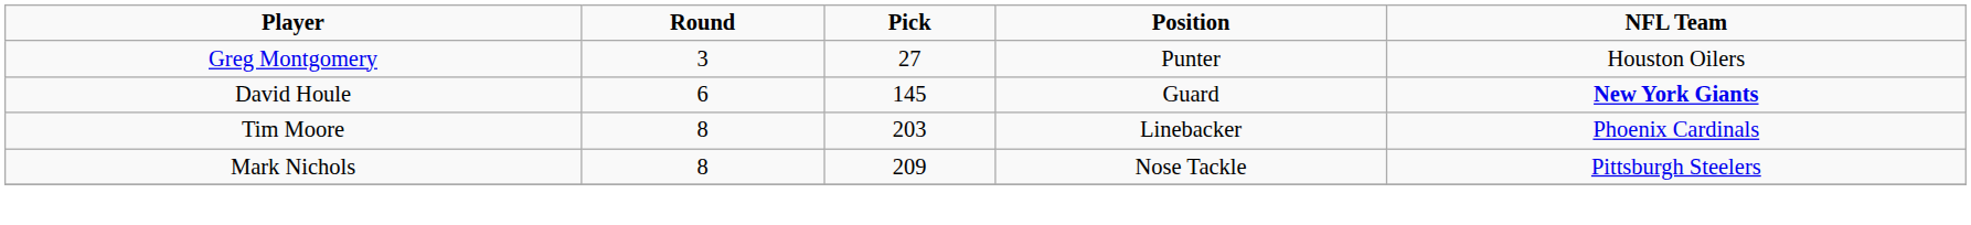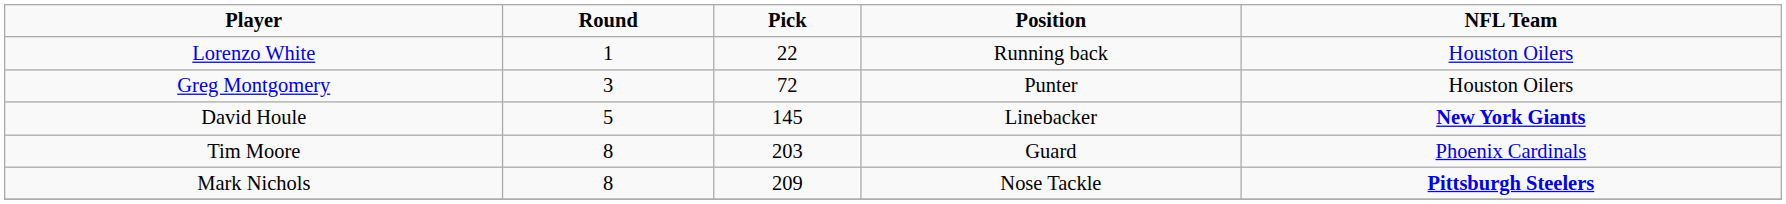 <table class="wikitable" width="70%">
 <tr align="center">
 <td><strong>Player</strong></td>
 <td><strong>Round</strong></td>
 <td><strong>Pick</strong></td>
 <td><strong>Position</strong></td>
 <td><strong>NFL Team</strong></td>
 </tr>
 <tr align="center" bgcolor="">
+<td><a href='#'>Lorenzo White</a></td>
+<td>1</td>
+<td>22</td>
+<td>Running back</td>
+<td><a href='#'>Houston Oilers</a></td>
+</tr>
+<tr align="center" bgcolor="">
 <td><a href='#'>Greg Montgomery</a></td>
 <td>3</td>
-<td>27</td>
+<td>72</td>
 <td>Punter</td>
 <td>Houston Oilers</td>
 </tr>
 <tr align="center" bgcolor="">
 <td>David Houle</td>
-<td>6</td>
+<td>5</td>
 <td>145</td>
-<td>Guard</td>
+<td>Linebacker</td>
 <td><strong><a href='#'>New York Giants</a></strong></td>
 </tr>
 <tr align="center" bgcolor="">
 <td>Tim Moore</td>
 <td>8</td>
 <td>203</td>
-<td>Linebacker</td>
+<td>Guard</td>
 <td><a href='#'>Phoenix Cardinals</a></td>
 </tr>
 <tr align="center" bgcolor="">
 <td>Mark Nichols</td>
 <td>8</td>
 <td>209</td>
 <td>Nose Tackle</td>
-<td><a href='#'>Pittsburgh Steelers</a></td>
+<td><strong><a href='#'>Pittsburgh Steelers</a></strong></td>
 </tr>
 <tr>
 </tr>
 </table>
